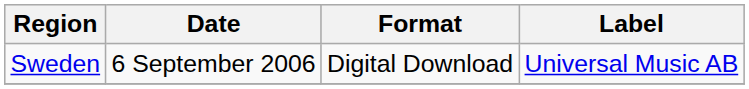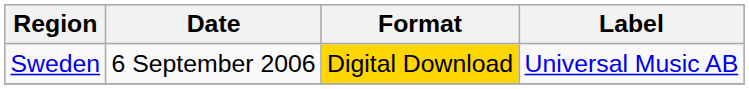 <table class=wikitable>
 <tr>
 <th>Region</th>
 <th>Date</th>
 <th>Format</th>
 <th>Label</th>
 </tr>
 <tr>
 <td><a href='#'>Sweden</a></td>
 <td>6 September 2006</td>
-<td>Digital Download</td>
+<td style="background: gold;">Digital Download</td>
 <td><a href='#'>Universal Music AB</a></td>
 </tr>
 <tr>
 </tr>
 </table>
